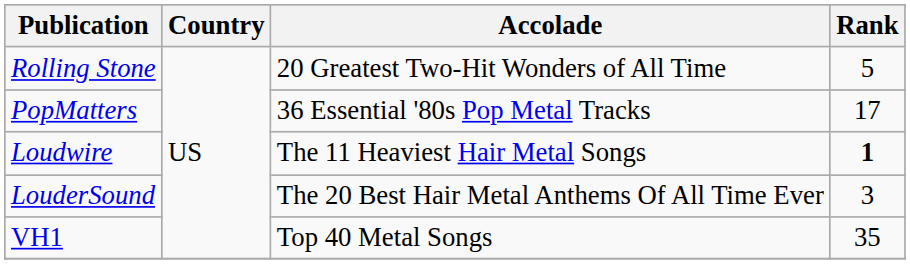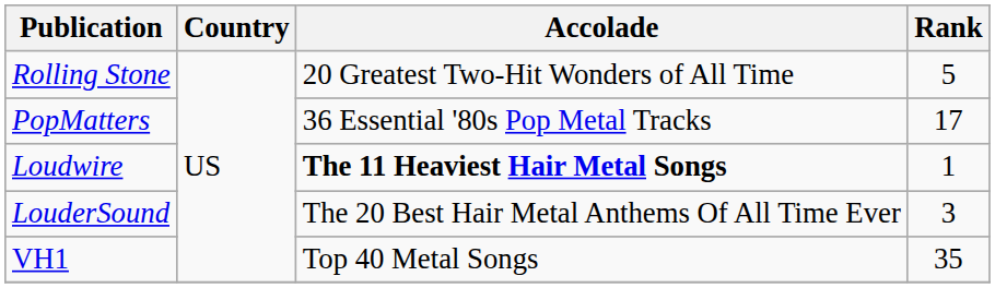 <table class="wikitable">
 <tr>
 <th>Publication</th>
 <th>Country</th>
 <th>Accolade</th>
 <th>Rank</th>
 </tr>
 <tr>
 <td><em><a href='#'>Rolling Stone</a></em></td>
 <td rowspan="5">US</td>
 <td>20 Greatest Two-Hit Wonders of All Time</td>
 <td align="center">5</td>
 </tr>
 <tr>
 <td><em><a href='#'>PopMatters</a></em></td>
 <td>36 Essential '80s <a href='#'>Pop Metal</a> Tracks</td>
 <td align="center">17</td>
 </tr>
 <tr>
 <td><em><a href='#'>Loudwire</a></em></td>
-<td>The 11 Heaviest <a href='#'>Hair Metal</a> Songs</td>
-<td align="center"><strong>1</strong></td>
+<td><strong>The 11 Heaviest <a href='#'>Hair Metal</a> Songs</strong></td>
+<td align="center">1</td>
 </tr>
 <tr>
 <td><a href='#'><em>LouderSound</em></a></td>
 <td>The 20 Best Hair Metal Anthems Of All Time Ever</td>
 <td align="center">3</td>
 </tr>
 <tr>
 <td><a href='#'>VH1</a></td>
 <td>Top 40 Metal Songs</td>
 <td align="center">35</td>
 </tr>
 <tr>
 </tr>
 </table>
